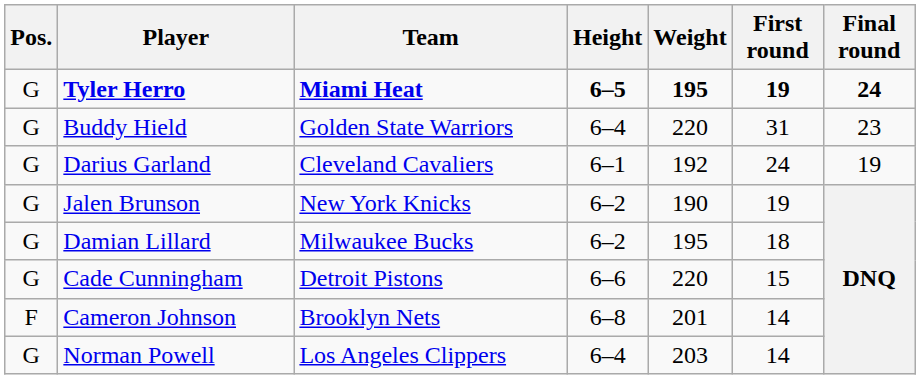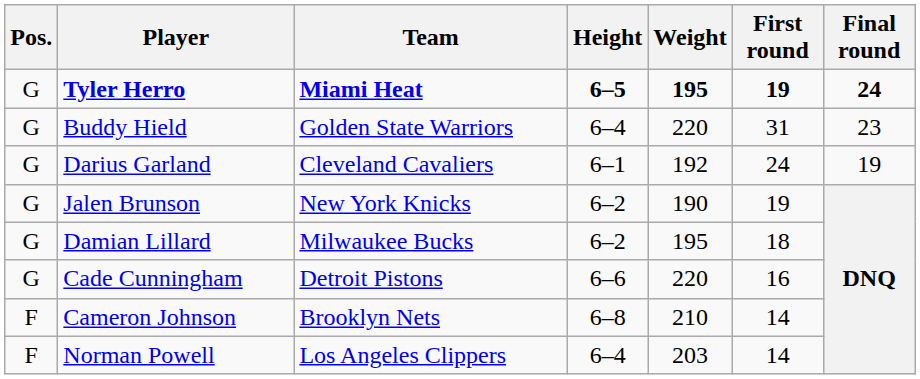 <table class="wikitable">
 <tr>
 <th>Pos.</th>
 <th style="width:150px;">Player</th>
 <th width=175>Team</th>
 <th>Height</th>
 <th>Weight</th>
 <th>First round</th>
 <th>Final round</th>
 </tr>
 <tr>
 <td style="text-align:center">G</td>
 <td><strong><a href='#'>Tyler Herro</a></strong></td>
 <td><strong><a href='#'>Miami Heat</a></strong></td>
 <td align=center><strong>6–5</strong></td>
 <td align=center><strong>195</strong></td>
 <td align=center><strong>19</strong></td>
 <td style="text-align:center;"><strong>24</strong></td>
 </tr>
 <tr>
 <td style="text-align:center">G</td>
 <td><a href='#'>Buddy Hield</a></td>
 <td><a href='#'>Golden State Warriors</a></td>
 <td align=center>6–4</td>
 <td align=center>220</td>
 <td align=center>31</td>
 <td style="text-align:center;">23</td>
 </tr>
 <tr>
 <td style="text-align:center">G</td>
 <td><a href='#'>Darius Garland</a></td>
 <td><a href='#'>Cleveland Cavaliers</a></td>
 <td align=center>6–1</td>
 <td align=center>192</td>
 <td align=center>24</td>
 <td style="text-align:center;">19</td>
 </tr>
 <tr>
 <td style="text-align:center">G</td>
 <td><a href='#'>Jalen Brunson</a></td>
 <td><a href='#'>New York Knicks</a></td>
 <td align=center>6–2</td>
 <td align=center>190</td>
 <td align=center>19</td>
 <th rowspan="5" style="text-align:center;">DNQ</th>
 </tr>
 <tr>
 <td style="text-align:center">G</td>
 <td><a href='#'>Damian Lillard</a></td>
 <td><a href='#'>Milwaukee Bucks</a></td>
 <td align=center>6–2</td>
 <td align=center>195</td>
 <td align=center>18</td>
 </tr>
 <tr>
 <td style="text-align:center">G</td>
 <td><a href='#'>Cade Cunningham</a></td>
 <td><a href='#'>Detroit Pistons</a></td>
 <td align=center>6–6</td>
 <td align=center>220</td>
-<td align=center>15</td>
+<td align=center>16</td>
 </tr>
 <tr>
 <td style="text-align:center">F</td>
 <td><a href='#'>Cameron Johnson</a></td>
 <td><a href='#'>Brooklyn Nets</a></td>
 <td align=center>6–8</td>
-<td align=center>201</td>
+<td align=center>210</td>
 <td align=center>14</td>
 </tr>
 <tr>
-<td style="text-align:center">G</td>
+<td style="text-align:center">F</td>
 <td><a href='#'>Norman Powell</a></td>
 <td><a href='#'>Los Angeles Clippers</a></td>
 <td align=center>6–4</td>
 <td align=center>203</td>
 <td align=center>14</td>
 </tr>
 </table>
